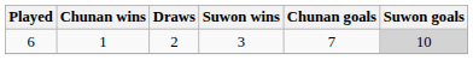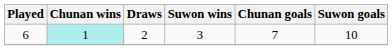 <table class=wikitable style="text-align:center">
 <tr>
 <th>Played</th>
 <th>Chunan wins</th>
 <th>Draws</th>
 <th>Suwon wins</th>
 <th>Chunan goals</th>
 <th>Suwon goals</th>
 </tr>
 <tr>
 <td>6</td>
-<td>1</td>
+<td style="background: paleturquoise;">1</td>
 <td>2</td>
 <td>3</td>
 <td>7</td>
-<td style="background: lightgrey;">10</td>
+<td>10</td>
 </tr>
 <tr>
 </tr>
 </table>
